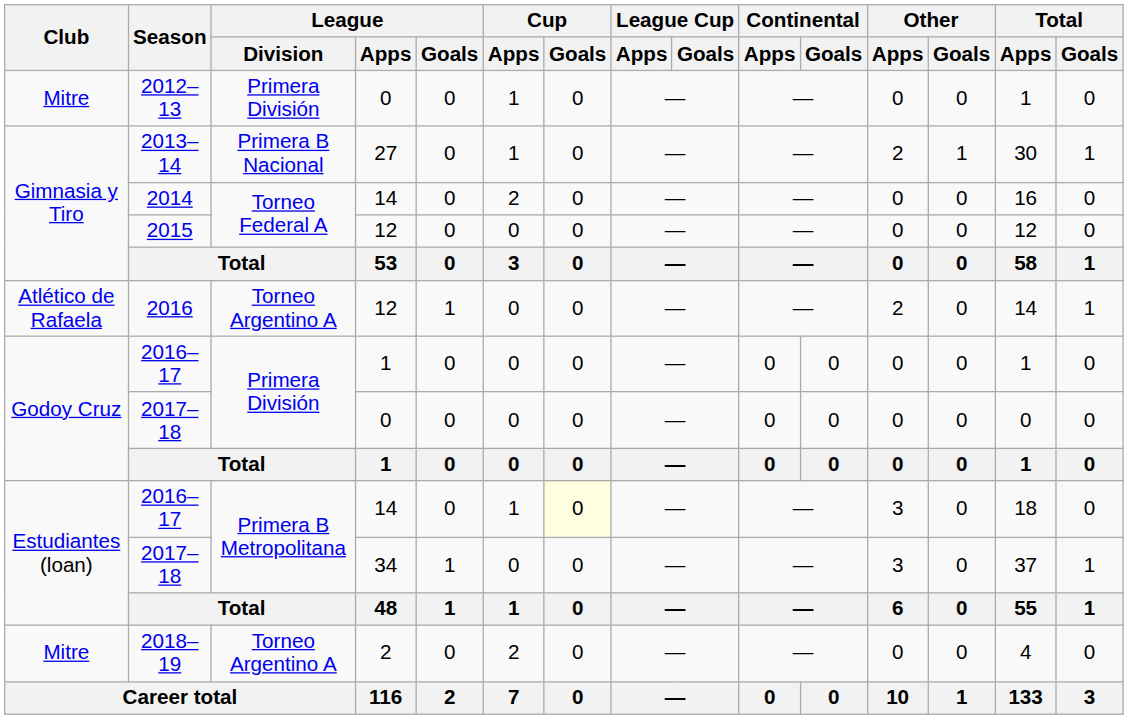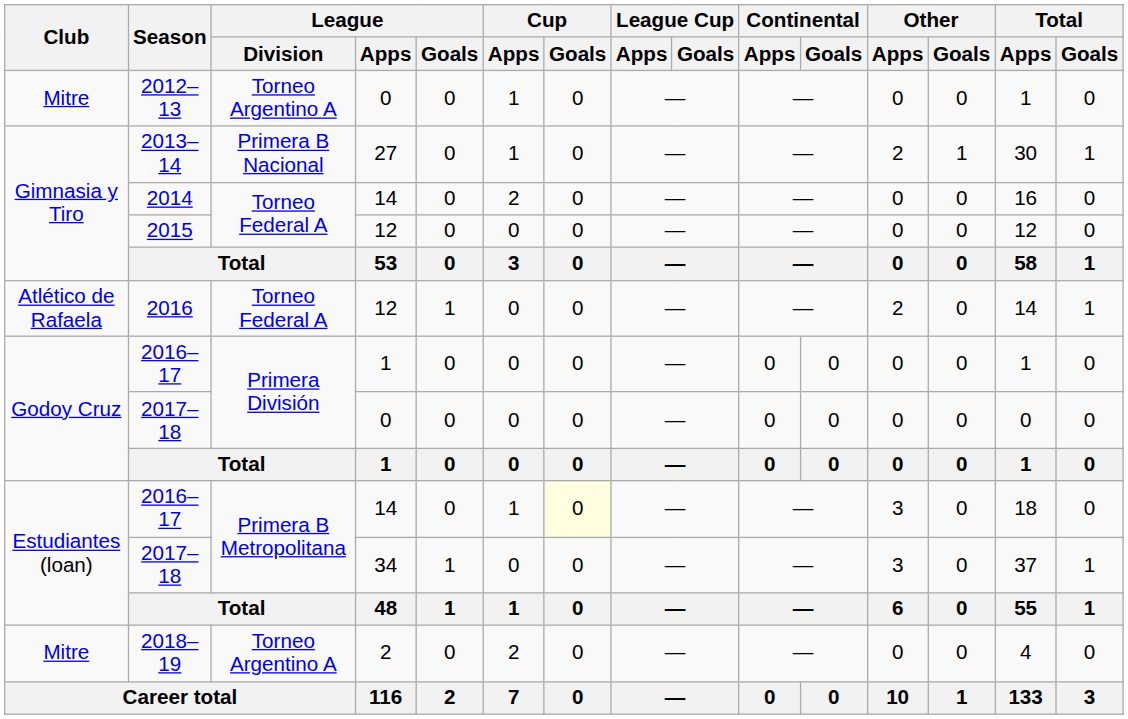 <table class="wikitable" style="text-align:center">
 <tr>
 <th rowspan="2">Club</th>
 <th rowspan="2">Season</th>
 <th colspan="3">League</th>
 <th colspan="2">Cup</th>
 <th colspan="2">League Cup</th>
 <th colspan="2">Continental</th>
 <th colspan="2">Other</th>
 <th colspan="2">Total</th>
 </tr>
 <tr>
 <th>Division</th>
 <th>Apps</th>
 <th>Goals</th>
 <th>Apps</th>
 <th>Goals</th>
 <th>Apps</th>
 <th>Goals</th>
 <th>Apps</th>
 <th>Goals</th>
 <th>Apps</th>
 <th>Goals</th>
 <th>Apps</th>
 <th>Goals</th>
 </tr>
 <tr>
 <td rowspan="1"><a href='#'>Mitre</a></td>
 <td><a href='#'>2012–13</a></td>
-<td rowspan="1"><a href='#'>Primera División</a></td>
+<td rowspan="1"><a href='#'>Torneo Argentino A</a></td>
 <td>0</td>
 <td>0</td>
 <td>1</td>
 <td>0</td>
 <td colspan="2">—</td>
 <td colspan="2">—</td>
 <td>0</td>
 <td>0</td>
 <td>1</td>
 <td>0</td>
 </tr>
 <tr>
 <td rowspan="4"><a href='#'>Gimnasia y Tiro</a></td>
 <td><a href='#'>2013–14</a></td>
 <td rowspan="1"><a href='#'>Primera B Nacional</a></td>
 <td>27</td>
 <td>0</td>
 <td>1</td>
 <td>0</td>
 <td colspan="2">—</td>
 <td colspan="2">—</td>
 <td>2</td>
 <td>1</td>
 <td>30</td>
 <td>1</td>
 </tr>
 <tr>
 <td><a href='#'>2014</a></td>
 <td rowspan="2"><a href='#'>Torneo Federal A</a></td>
 <td>14</td>
 <td>0</td>
 <td>2</td>
 <td>0</td>
 <td colspan="2">—</td>
 <td colspan="2">—</td>
 <td>0</td>
 <td>0</td>
 <td>16</td>
 <td>0</td>
 </tr>
 <tr>
 <td><a href='#'>2015</a></td>
 <td>12</td>
 <td>0</td>
 <td>0</td>
 <td>0</td>
 <td colspan="2">—</td>
 <td colspan="2">—</td>
 <td>0</td>
 <td>0</td>
 <td>12</td>
 <td>0</td>
 </tr>
 <tr>
 <th colspan="2">Total</th>
 <th>53</th>
 <th>0</th>
 <th>3</th>
 <th>0</th>
 <th colspan="2">—</th>
 <th colspan="2">—</th>
 <th>0</th>
 <th>0</th>
 <th>58</th>
 <th>1</th>
 </tr>
 <tr>
 <td rowspan="1"><a href='#'>Atlético de Rafaela</a></td>
 <td><a href='#'>2016</a></td>
-<td rowspan="1"><a href='#'>Torneo Argentino A</a></td>
+<td rowspan="1"><a href='#'>Torneo Federal A</a></td>
 <td>12</td>
 <td>1</td>
 <td>0</td>
 <td>0</td>
 <td colspan="2">—</td>
 <td colspan="2">—</td>
 <td>2</td>
 <td>0</td>
 <td>14</td>
 <td>1</td>
 </tr>
 <tr>
 <td rowspan="3"><a href='#'>Godoy Cruz</a></td>
 <td><a href='#'>2016–17</a></td>
 <td rowspan="2"><a href='#'>Primera División</a></td>
 <td>1</td>
 <td>0</td>
 <td>0</td>
 <td>0</td>
 <td colspan="2">—</td>
 <td>0</td>
 <td>0</td>
 <td>0</td>
 <td>0</td>
 <td>1</td>
 <td>0</td>
 </tr>
 <tr>
 <td><a href='#'>2017–18</a></td>
 <td>0</td>
 <td>0</td>
 <td>0</td>
 <td>0</td>
 <td colspan="2">—</td>
 <td>0</td>
 <td>0</td>
 <td>0</td>
 <td>0</td>
 <td>0</td>
 <td>0</td>
 </tr>
 <tr>
 <th colspan="2">Total</th>
 <th>1</th>
 <th>0</th>
 <th>0</th>
 <th>0</th>
 <th colspan="2">—</th>
 <th>0</th>
 <th>0</th>
 <th>0</th>
 <th>0</th>
 <th>1</th>
 <th>0</th>
 </tr>
 <tr>
 <td rowspan="3"><a href='#'>Estudiantes</a> (loan)</td>
 <td><a href='#'>2016–17</a></td>
 <td rowspan="2"><a href='#'>Primera B Metropolitana</a></td>
 <td>14</td>
 <td>0</td>
 <td>1</td>
 <td style="background: lightyellow;">0</td>
 <td colspan="2">—</td>
 <td colspan="2">—</td>
 <td>3</td>
 <td>0</td>
 <td>18</td>
 <td>0</td>
 </tr>
 <tr>
 <td><a href='#'>2017–18</a></td>
 <td>34</td>
 <td>1</td>
 <td>0</td>
 <td>0</td>
 <td colspan="2">—</td>
 <td colspan="2">—</td>
 <td>3</td>
 <td>0</td>
 <td>37</td>
 <td>1</td>
 </tr>
 <tr>
 <th colspan="2">Total</th>
 <th>48</th>
 <th>1</th>
 <th>1</th>
 <th>0</th>
 <th colspan="2">—</th>
 <th colspan="2">—</th>
 <th>6</th>
 <th>0</th>
 <th>55</th>
 <th>1</th>
 </tr>
 <tr>
 <td rowspan="1"><a href='#'>Mitre</a></td>
 <td><a href='#'>2018–19</a></td>
 <td rowspan="1"><a href='#'>Torneo Argentino A</a></td>
 <td>2</td>
 <td>0</td>
 <td>2</td>
 <td>0</td>
 <td colspan="2">—</td>
 <td colspan="2">—</td>
 <td>0</td>
 <td>0</td>
 <td>4</td>
 <td>0</td>
 </tr>
 <tr>
 <th colspan="3">Career total</th>
 <th>116</th>
 <th>2</th>
 <th>7</th>
 <th>0</th>
 <th colspan="2">—</th>
 <th>0</th>
 <th>0</th>
 <th>10</th>
 <th>1</th>
 <th>133</th>
 <th>3</th>
 </tr>
 </table>
